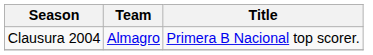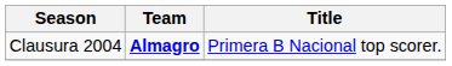 <table class="wikitable">
 <tr>
 <th>Season</th>
 <th>Team</th>
 <th>Title</th>
 </tr>
 <tr>
 <td>Clausura 2004</td>
-<td><a href='#'>Almagro</a></td>
+<td><strong><a href='#'>Almagro</a></strong></td>
 <td><a href='#'>Primera B Nacional</a> top scorer.</td>
 </tr>
 <tr>
 </tr>
 </table>
